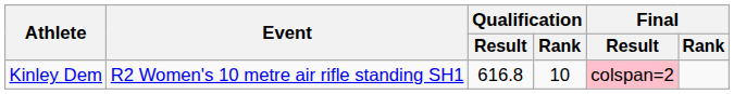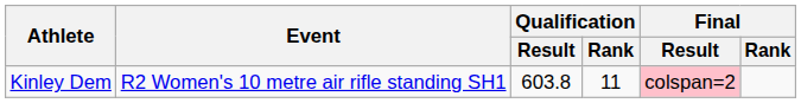 <table class="wikitable" style="text-align: center; font-size:90%">
 <tr>
 <th rowspan="2">Athlete</th>
 <th rowspan="2">Event</th>
 <th colspan="2">Qualification</th>
 <th colspan="2">Final</th>
 </tr>
 <tr style="font-size:95%">
 <th>Result</th>
 <th>Rank</th>
 <th>Result</th>
 <th>Rank</th>
 </tr>
 <tr>
 <td align=left><a href='#'>Kinley Dem</a></td>
 <td align=left><a href='#'>R2 Women's 10 metre air rifle standing SH1</a></td>
-<td>616.8</td>
-<td>10</td>
+<td>603.8</td>
+<td>11</td>
 <td style="background: pink;">colspan=2 </td>
 </tr>
 </table>
